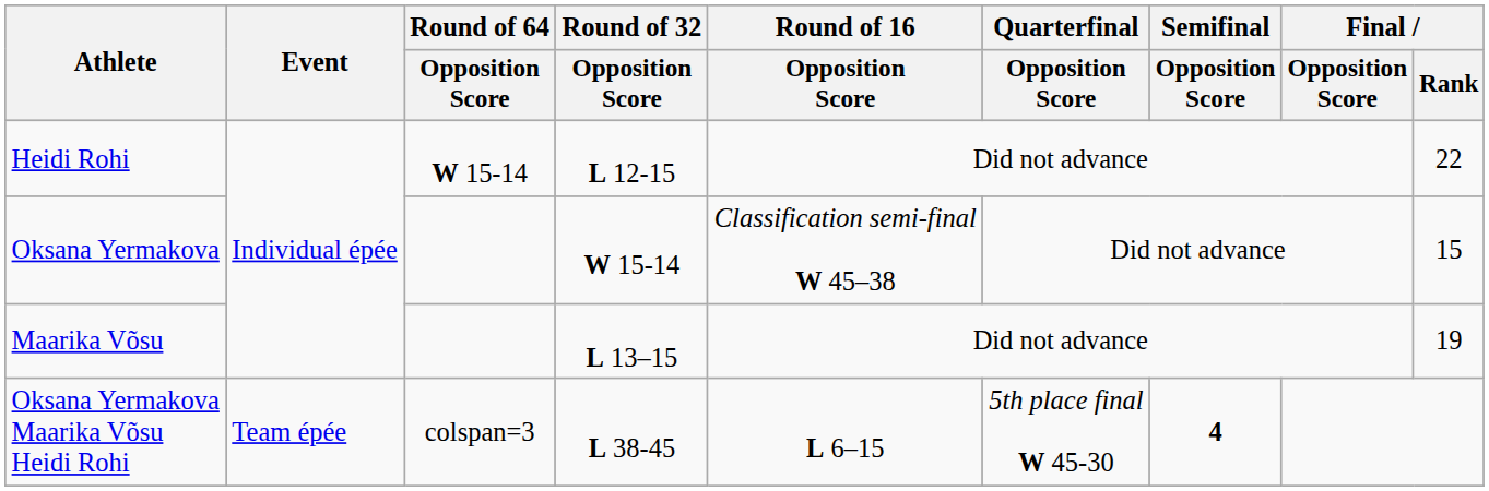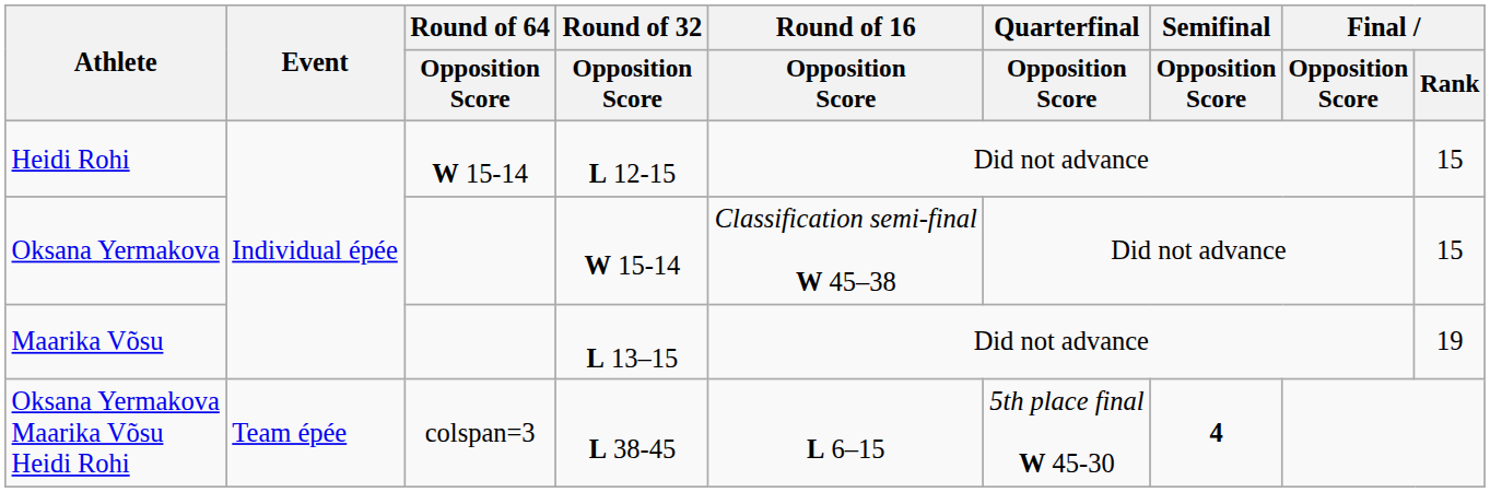 <table class="wikitable" style="font-size:90%">
 <tr>
 <th rowspan="2">Athlete</th>
 <th rowspan="2">Event</th>
 <th>Round of 64</th>
 <th>Round of 32</th>
 <th>Round of 16</th>
 <th>Quarterfinal</th>
 <th>Semifinal</th>
 <th colspan=2>Final / </th>
 </tr>
 <tr style="font-size:95%">
 <th>Opposition <br> Score</th>
 <th>Opposition <br> Score</th>
 <th>Opposition <br> Score</th>
 <th>Opposition <br> Score</th>
 <th>Opposition <br> Score</th>
 <th>Opposition <br> Score</th>
 <th>Rank</th>
 </tr>
 <tr align=center>
 <td align=left><a href='#'>Heidi Rohi</a></td>
 <td align=left rowspan=3><a href='#'>Individual épée</a></td>
 <td><br><strong>W</strong> 15-14</td>
 <td><br><strong>L</strong> 12-15</td>
 <td colspan=4>Did not advance</td>
-<td>22</td>
+<td>15</td>
 </tr>
 <tr align=center>
 <td align=left><a href='#'>Oksana Yermakova</a></td>
 <td></td>
 <td><br><strong>W</strong> 15-14</td>
 <td><em>Classification semi-final</em><br><br><strong>W</strong> 45–38</td>
 <td colspan=3>Did not advance</td>
 <td>15</td>
 </tr>
 <tr align=center>
 <td align=left><a href='#'>Maarika Võsu</a></td>
 <td></td>
 <td><br><strong>L</strong> 13–15</td>
 <td colspan=4>Did not advance</td>
 <td>19</td>
 </tr>
 <tr align=center>
 <td align=left><a href='#'>Oksana Yermakova</a><br><a href='#'>Maarika Võsu</a><br><a href='#'>Heidi Rohi</a></td>
 <td align=left><a href='#'>Team épée</a></td>
 <td>colspan=3 </td>
 <td><br><strong>L</strong> 38-45</td>
 <td><br><strong>L</strong> 6–15</td>
 <td><em>5th place final</em><br><br><strong>W</strong> 45-30</td>
 <td><strong>4</strong></td>
 </tr>
 </table>
